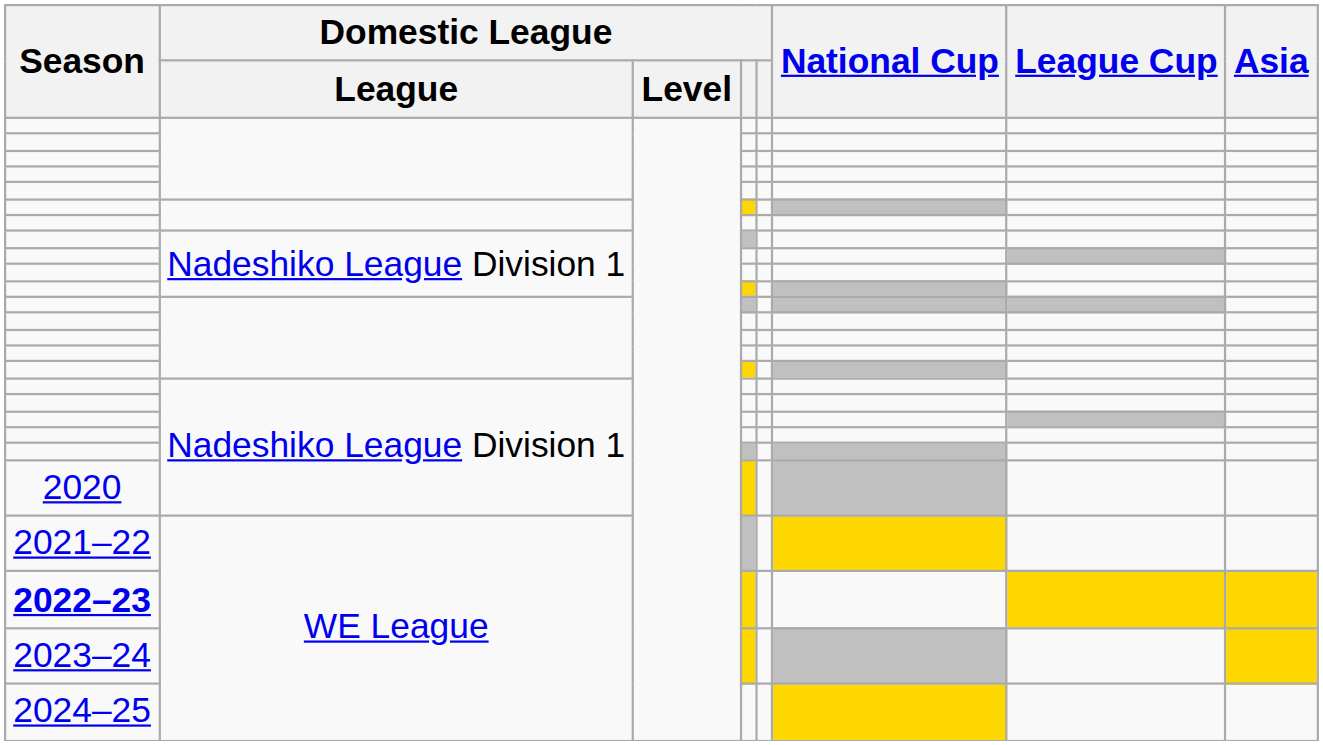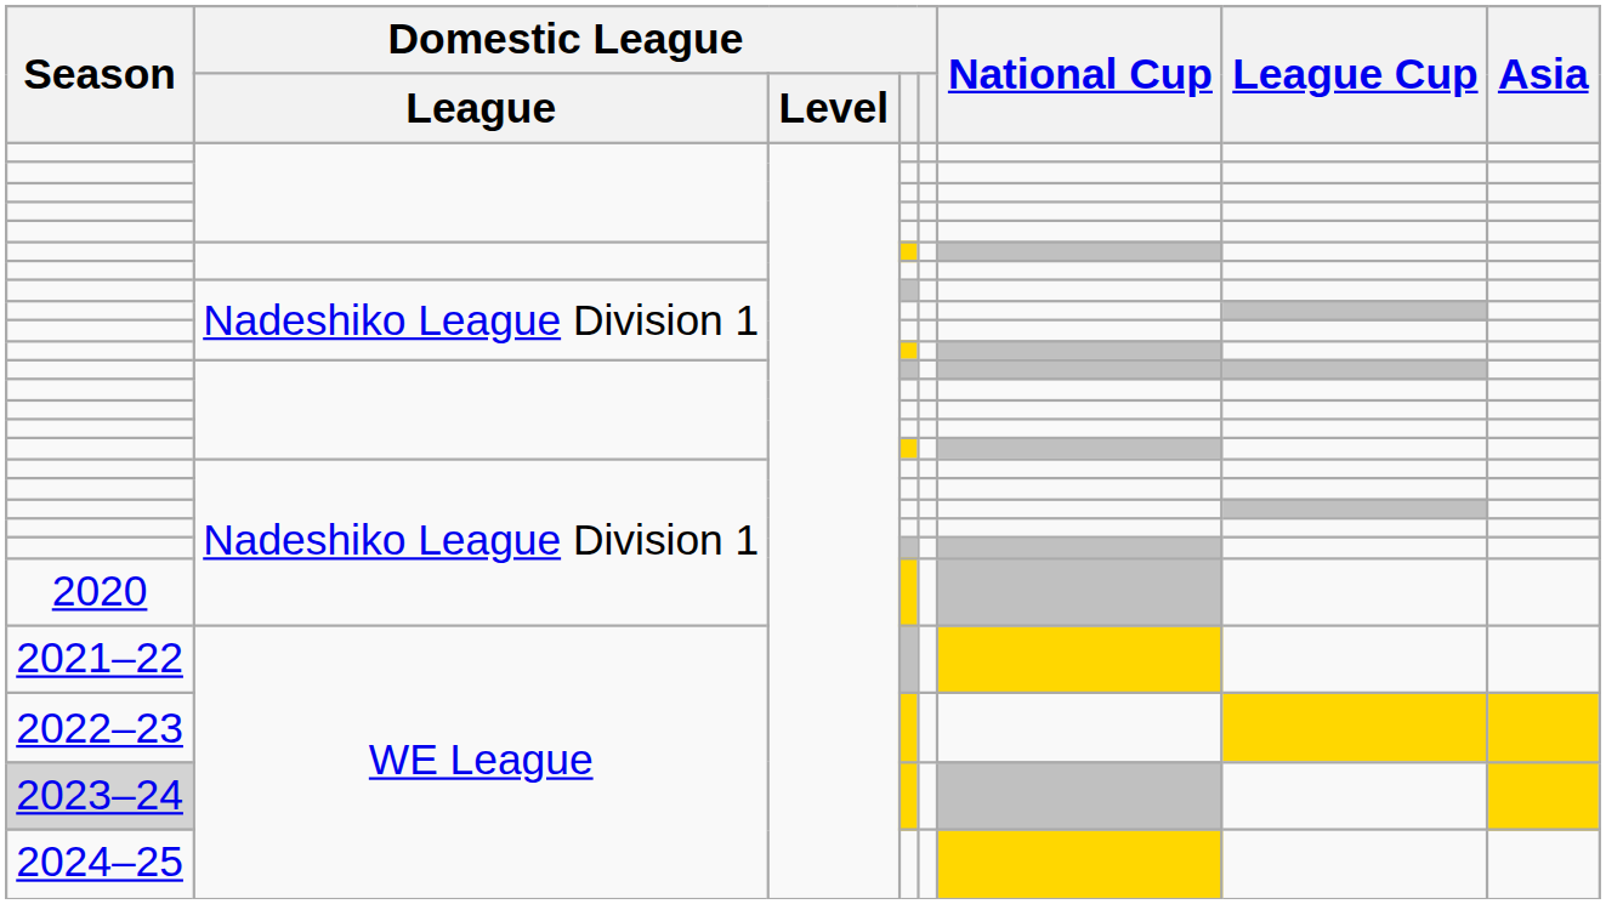 <table class="wikitable" style="text-align:center;">
 <tr style="background:#f0f6fa;">
 <th rowspan="2">Season</th>
 <th colspan="4">Domestic League</th>
 <th rowspan="2"><a href='#'>National Cup</a></th>
 <th rowspan="2"><a href='#'>League Cup</a></th>
 <th rowspan="2"><a href='#'>Asia</a></th>
 </tr>
 <tr>
 <th>League</th>
 <th>Level</th>
 <th></th>
 <th></th>
 </tr>
 <tr>
 <td></td>
 <td rowspan="5"></td>
 <td rowspan="26"></td>
 <td></td>
 <td></td>
 <td></td>
 <td></td>
 <td></td>
 </tr>
 <tr>
 <td></td>
 <td></td>
 <td></td>
 <td></td>
 <td></td>
 <td></td>
 </tr>
 <tr>
 <td></td>
 <td></td>
 <td></td>
 <td></td>
 <td></td>
 <td></td>
 </tr>
 <tr>
 <td></td>
 <td></td>
 <td></td>
 <td></td>
 <td></td>
 <td></td>
 </tr>
 <tr>
 <td></td>
 <td></td>
 <td></td>
 <td></td>
 <td></td>
 <td></td>
 </tr>
 <tr>
 <td></td>
 <td rowspan="2"></td>
 <td bgcolor="gold"></td>
 <td></td>
 <td bgcolor="silver"></td>
 <td></td>
 <td></td>
 </tr>
 <tr>
 <td></td>
 <td></td>
 <td></td>
 <td></td>
 <td></td>
 <td></td>
 </tr>
 <tr>
 <td></td>
 <td rowspan="4" style="text-align:center;"><a href='#'>Nadeshiko League</a> Division 1</td>
 <td bgcolor="silver"></td>
 <td></td>
 <td></td>
 <td></td>
 <td></td>
 </tr>
 <tr>
 <td></td>
 <td></td>
 <td></td>
 <td></td>
 <td bgcolor="silver"></td>
 <td></td>
 </tr>
 <tr>
 <td></td>
 <td></td>
 <td></td>
 <td></td>
 <td></td>
 <td></td>
 </tr>
 <tr>
 <td></td>
 <td bgcolor="gold"></td>
 <td></td>
 <td bgcolor="silver"></td>
 <td></td>
 <td></td>
 </tr>
 <tr>
 <td></td>
 <td rowspan="5"></td>
 <td bgcolor="silver"></td>
 <td></td>
 <td bgcolor="silver"></td>
 <td bgcolor="silver"></td>
 <td></td>
 </tr>
 <tr>
 <td></td>
 <td></td>
 <td></td>
 <td></td>
 <td></td>
 <td></td>
 </tr>
 <tr>
 <td></td>
 <td></td>
 <td></td>
 <td></td>
 <td></td>
 <td></td>
 </tr>
 <tr>
 <td></td>
 <td></td>
 <td></td>
 <td></td>
 <td></td>
 <td></td>
 </tr>
 <tr>
 <td></td>
 <td bgcolor="gold"></td>
 <td></td>
 <td bgcolor="silver"></td>
 <td></td>
 <td></td>
 </tr>
 <tr>
 <td></td>
 <td rowspan="6" style="text-align:center;"><a href='#'>Nadeshiko League</a> Division 1</td>
 <td></td>
 <td></td>
 <td></td>
 <td></td>
 <td></td>
 </tr>
 <tr>
 <td></td>
 <td></td>
 <td></td>
 <td></td>
 <td></td>
 <td></td>
 </tr>
 <tr>
 <td></td>
 <td></td>
 <td></td>
 <td></td>
 <td bgcolor="silver"></td>
 <td></td>
 </tr>
 <tr>
 <td></td>
 <td></td>
 <td></td>
 <td></td>
 <td></td>
 <td></td>
 </tr>
 <tr>
 <td></td>
 <td bgcolor="silver"></td>
 <td></td>
 <td bgcolor="silver"></td>
 <td></td>
 <td></td>
 </tr>
 <tr>
 <td style="text-align:center;"><a href='#'>2020</a></td>
 <td bgcolor="gold"></td>
 <td></td>
 <td bgcolor="silver"></td>
 <td></td>
 <td></td>
 </tr>
 <tr>
 <td style="text-align:center;"><a href='#'>2021–22</a></td>
 <td style="text-align:center;" rowspan="4"><a href='#'>WE League</a></td>
 <td bgcolor="silver"></td>
 <td></td>
 <td bgcolor="gold"></td>
 <td></td>
 <td></td>
 </tr>
 <tr>
-<td style="text-align:center;"><strong><a href='#'>2022–23</a></strong></td>
+<td style="text-align:center;"><a href='#'>2022–23</a></td>
 <td bgcolor="gold"></td>
 <td></td>
 <td></td>
 <td bgcolor="gold"></td>
 <td bgcolor="gold"></td>
 </tr>
 <tr>
-<td style="text-align:center;"><a href='#'>2023–24</a></td>
+<td style="background: lightgrey; text-align:center;"><a href='#'>2023–24</a></td>
 <td bgcolor="gold"></td>
 <td></td>
 <td bgcolor="silver"></td>
 <td></td>
 <td bgcolor="gold"></td>
 </tr>
 <tr>
 <td style="text-align:center;"><a href='#'>2024–25</a></td>
 <td></td>
 <td></td>
 <td bgcolor="gold"></td>
 <td></td>
 <td></td>
 </tr>
 </table>
